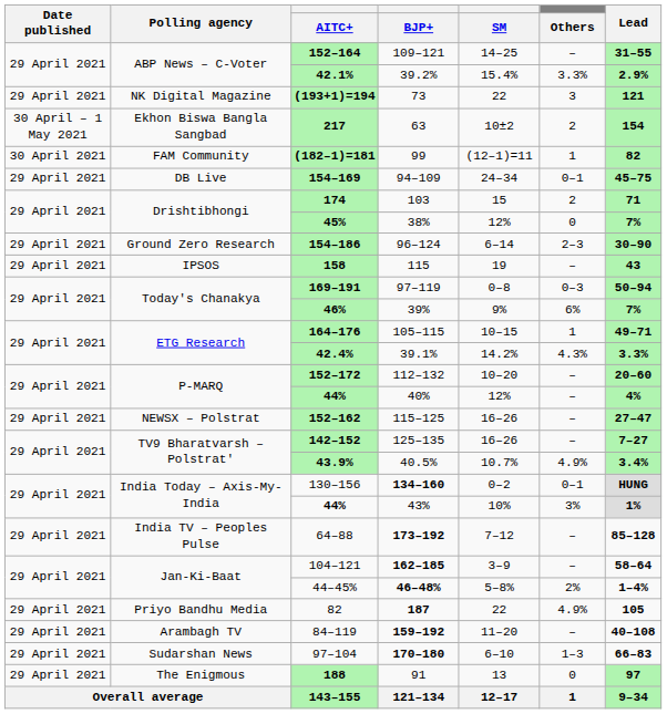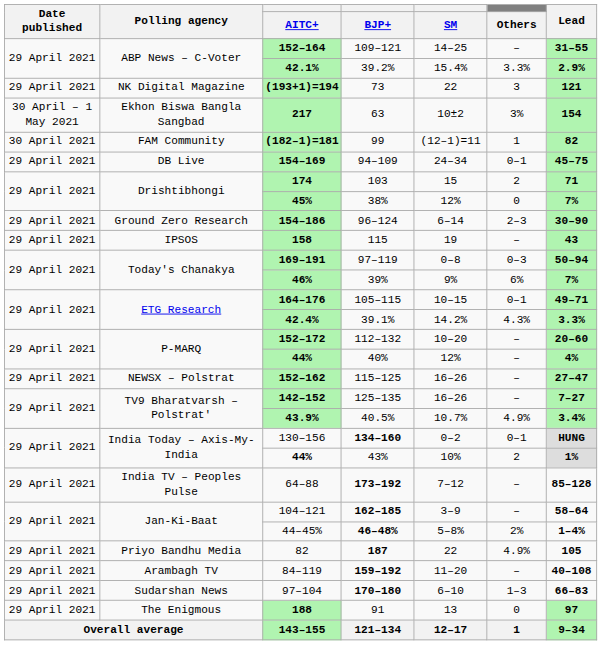 <table class="wikitable sortable" style="text-align:center;font-size:95%;line-height:16px">
 <tr>
 <th rowspan="2" width="100px">Date published</th>
 <th rowspan="2" width="175px">Polling agency</th>
 <th></th>
 <th></th>
 <th style="text-align:center; background:"></th>
 <th style="background:gray;"></th>
 <th rowspan="2" width="50px">Lead</th>
 </tr>
 <tr>
 <th style="width:75px;"><a href='#'>AITC+</a></th>
 <th style="width:75px;"><a href='#'>BJP+</a></th>
 <th style="width:75px;"><a href='#'>SM</a></th>
 <th style="width:60px;">Others</th>
 </tr>
 <tr>
 <td rowspan="2">29 April 2021</td>
 <td rowspan="2">ABP News – C-Voter</td>
 <td style="background:#B0F4B0"><strong>152–164</strong></td>
 <td>109–121</td>
 <td>14–25</td>
 <td>–</td>
 <td style="background:#B0F4B0"><strong>31–55</strong></td>
 </tr>
 <tr>
 <td style="background:#B0F4B0"><strong>42.1%</strong></td>
 <td>39.2%</td>
 <td>15.4%</td>
 <td>3.3%</td>
 <td style="background:#B0F4B0"><strong>2.9%</strong></td>
 </tr>
 <tr>
 <td>29 April 2021</td>
 <td>NK Digital Magazine</td>
 <td style="background:#B0F4B0"><strong>(193+1)=194</strong></td>
 <td>73</td>
 <td>22</td>
 <td>3</td>
 <td style="background:#B0F4B0"><strong>121</strong></td>
 </tr>
 <tr>
 <td>30 April – 1 May 2021</td>
 <td>Ekhon Biswa Bangla Sangbad</td>
 <td style="background:#B0F4B0"><strong>217</strong></td>
 <td>63</td>
 <td>10±2</td>
-<td>2</td>
+<td>3%</td>
 <td style="background:#B0F4B0"><strong>154</strong></td>
 </tr>
 <tr>
 <td>30 April 2021</td>
 <td>FAM Community</td>
 <td style="background:#B0F4B0"><strong>(182–1)=181</strong></td>
 <td>99</td>
 <td>(12–1)=11</td>
 <td>1</td>
 <td style="background:#B0F4B0"><strong>82</strong></td>
 </tr>
 <tr>
 <td>29 April 2021</td>
 <td>DB Live</td>
 <td style="background:#B0F4B0"><strong>154–169</strong></td>
 <td>94–109</td>
 <td>24–34</td>
 <td>0–1</td>
 <td style="background:#B0F4B0"><strong>45–75</strong></td>
 </tr>
 <tr>
 <td rowspan="2">29 April 2021</td>
 <td rowspan="2">Drishtibhongi</td>
 <td style="background:#B0F4B0"><strong>174</strong></td>
 <td>103</td>
 <td>15</td>
 <td>2</td>
 <td style="background:#B0F4B0"><strong>71</strong></td>
 </tr>
 <tr>
 <td style="background:#B0F4B0"><strong>45%</strong></td>
 <td>38%</td>
 <td>12%</td>
 <td>0</td>
 <td style="background:#B0F4B0"><strong>7%</strong></td>
 </tr>
 <tr>
 <td>29 April 2021</td>
 <td>Ground Zero Research</td>
 <td style="background:#B0F4B0"><strong>154–186</strong></td>
 <td>96–124</td>
 <td>6–14</td>
 <td>2–3</td>
 <td style="background:#B0F4B0"><strong>30–90</strong></td>
 </tr>
 <tr>
 <td>29 April 2021</td>
 <td>IPSOS</td>
 <td style="background:#B0F4B0"><strong>158</strong></td>
 <td>115</td>
 <td>19</td>
 <td>–</td>
 <td style="background:#B0F4B0"><strong>43</strong></td>
 </tr>
 <tr>
 <td rowspan="2">29 April 2021</td>
 <td rowspan="2">Today's Chanakya</td>
 <td style="background:#B0F4B0"><strong>169–191</strong></td>
 <td>97–119</td>
 <td>0–8</td>
 <td>0–3</td>
 <td style="background:#B0F4B0"><strong>50–94</strong></td>
 </tr>
 <tr>
 <td style="background:#B0F4B0"><strong>46%</strong></td>
 <td>39%</td>
 <td>9%</td>
 <td>6%</td>
 <td style="background:#B0F4B0"><strong>7%</strong></td>
 </tr>
 <tr>
 <td rowspan="2">29 April 2021</td>
 <td rowspan="2"><a href='#'>ETG Research</a></td>
 <td style="background:#B0F4B0"><strong>164–176</strong></td>
 <td>105–115</td>
 <td>10–15</td>
-<td>1</td>
+<td>0–1</td>
 <td style="background:#B0F4B0"><strong>49–71</strong></td>
 </tr>
 <tr>
 <td style="background:#B0F4B0"><strong>42.4%</strong></td>
 <td>39.1%</td>
 <td>14.2%</td>
 <td>4.3%</td>
 <td style="background:#B0F4B0"><strong>3.3%</strong></td>
 </tr>
 <tr>
 <td rowspan="2">29 April 2021</td>
 <td rowspan="2">P-MARQ</td>
 <td style="background:#B0F4B0"><strong>152–172</strong></td>
 <td>112–132</td>
 <td>10–20</td>
 <td>–</td>
 <td style="background:#B0F4B0"><strong>20–60</strong></td>
 </tr>
 <tr>
 <td style="background:#B0F4B0"><strong>44%</strong></td>
 <td>40%</td>
 <td>12%</td>
 <td>–</td>
 <td style="background:#B0F4B0"><strong>4%</strong></td>
 </tr>
 <tr>
 <td>29 April 2021</td>
 <td>NEWSX – Polstrat</td>
 <td style="background:#B0F4B0"><strong>152–162</strong></td>
 <td>115–125</td>
 <td>16–26</td>
 <td>–</td>
 <td style="background:#B0F4B0"><strong>27–47</strong></td>
 </tr>
 <tr>
 <td rowspan="2">29 April 2021</td>
 <td rowspan="2">TV9 Bharatvarsh – Polstrat'</td>
 <td style="background:#B0F4B0"><strong>142–152</strong></td>
 <td>125–135</td>
 <td>16–26</td>
 <td>–</td>
 <td style="background:#B0F4B0"><strong>7–27</strong></td>
 </tr>
 <tr>
 <td style="background:#B0F4B0"><strong>43.9%</strong></td>
 <td>40.5%</td>
 <td>10.7%</td>
 <td>4.9%</td>
 <td style="background:#B0F4B0"><strong>3.4%</strong></td>
 </tr>
 <tr>
 <td rowspan="2">29 April 2021</td>
 <td rowspan="2">India Today – Axis-My-India</td>
 <td>130–156</td>
 <td><strong>134–160</strong></td>
 <td>0–2</td>
 <td>0–1</td>
 <td style="background:#DDDDDD"><strong>HUNG</strong></td>
 </tr>
 <tr>
 <td><strong>44%</strong></td>
 <td>43%</td>
 <td>10%</td>
-<td>3%</td>
+<td>2</td>
 <td style="background:#DDDDDD"><strong>1%</strong></td>
 </tr>
 <tr>
 <td>29 April 2021</td>
 <td>India TV – Peoples Pulse</td>
 <td>64–88</td>
 <td><strong>173–192</strong></td>
 <td>7–12</td>
 <td>–</td>
 <td><strong>85–128</strong></td>
 </tr>
 <tr>
 <td rowspan="2">29 April 2021</td>
 <td rowspan="2">Jan-Ki-Baat</td>
 <td>104–121</td>
 <td><strong>162–185</strong></td>
 <td>3–9</td>
 <td>–</td>
 <td><strong>58–64</strong></td>
 </tr>
 <tr>
 <td>44–45%</td>
 <td><strong>46–48%</strong></td>
 <td>5–8%</td>
 <td>2%</td>
 <td><strong>1–4%</strong></td>
 </tr>
 <tr>
 <td>29 April 2021</td>
 <td>Priyo Bandhu Media</td>
 <td>82</td>
 <td><strong>187</strong></td>
 <td>22</td>
 <td>4.9%</td>
 <td><strong>105</strong></td>
 </tr>
 <tr>
 <td>29 April 2021</td>
 <td>Arambagh TV</td>
 <td>84–119</td>
 <td><strong>159–192</strong></td>
 <td>11–20</td>
 <td>–</td>
 <td><strong>40–108</strong></td>
 </tr>
 <tr>
 <td>29 April 2021</td>
 <td>Sudarshan News</td>
 <td>97–104</td>
 <td><strong>170–180</strong></td>
 <td>6–10</td>
 <td>1–3</td>
 <td><strong>66–83</strong></td>
 </tr>
 <tr>
 <td>29 April 2021</td>
 <td>The Enigmous</td>
 <td style="background:#B0F4B0"><strong>188</strong></td>
 <td>91</td>
 <td>13</td>
 <td>0</td>
 <td style="background:#B0F4B0"><strong>97</strong></td>
 </tr>
 <tr>
 <th colspan="2">Overall average</th>
 <th style="background:#B0F4B0">143–155</th>
 <th>121–134</th>
 <th>12–17</th>
 <th>1</th>
 <th style="background:#B0F4B0">9–34</th>
 </tr>
 </table>
